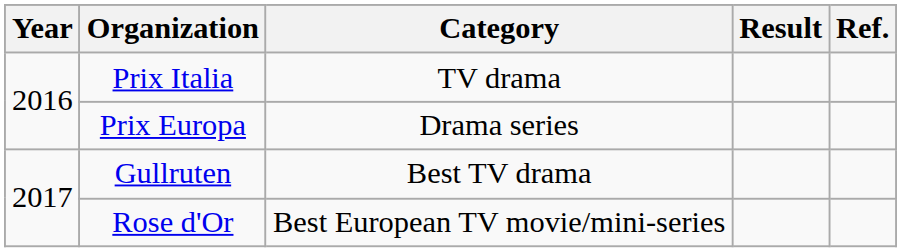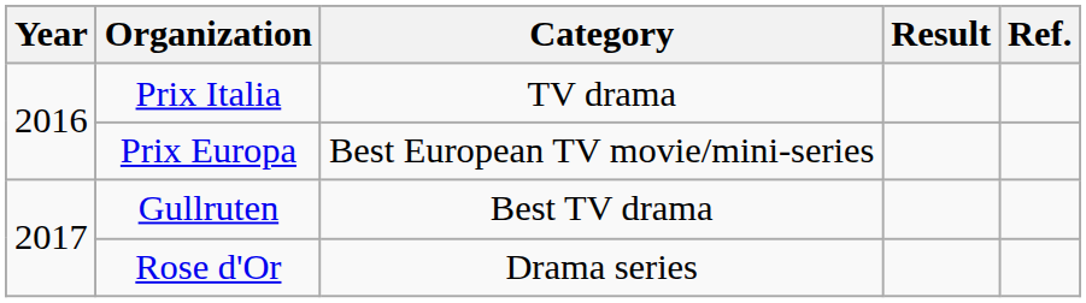 <table class="wikitable" style="text-align:center;">
 <tr>
 <th>Year</th>
 <th>Organization</th>
 <th>Category</th>
 <th>Result</th>
 <th>Ref.</th>
 </tr>
 <tr>
 <td rowspan="2">2016</td>
 <td><a href='#'>Prix Italia</a></td>
 <td>TV drama</td>
 <td></td>
 <td></td>
 </tr>
 <tr>
 <td><a href='#'>Prix Europa</a></td>
-<td>Drama series</td>
+<td>Best European TV movie/mini-series</td>
 <td></td>
 <td></td>
 </tr>
 <tr>
 <td rowspan="2">2017</td>
 <td><a href='#'>Gullruten</a></td>
 <td>Best TV drama</td>
 <td></td>
 <td></td>
 </tr>
 <tr>
 <td><a href='#'>Rose d'Or</a></td>
-<td>Best European TV movie/mini-series</td>
+<td>Drama series</td>
 <td></td>
 <td></td>
 </tr>
 </table>
